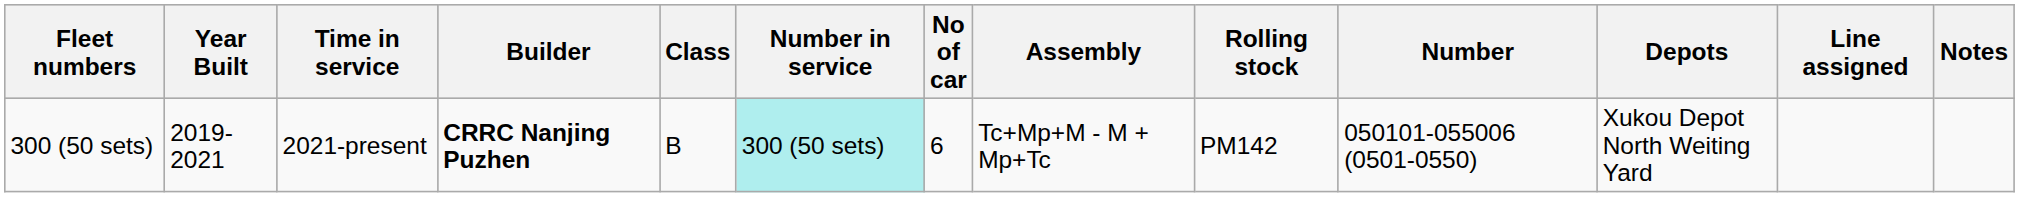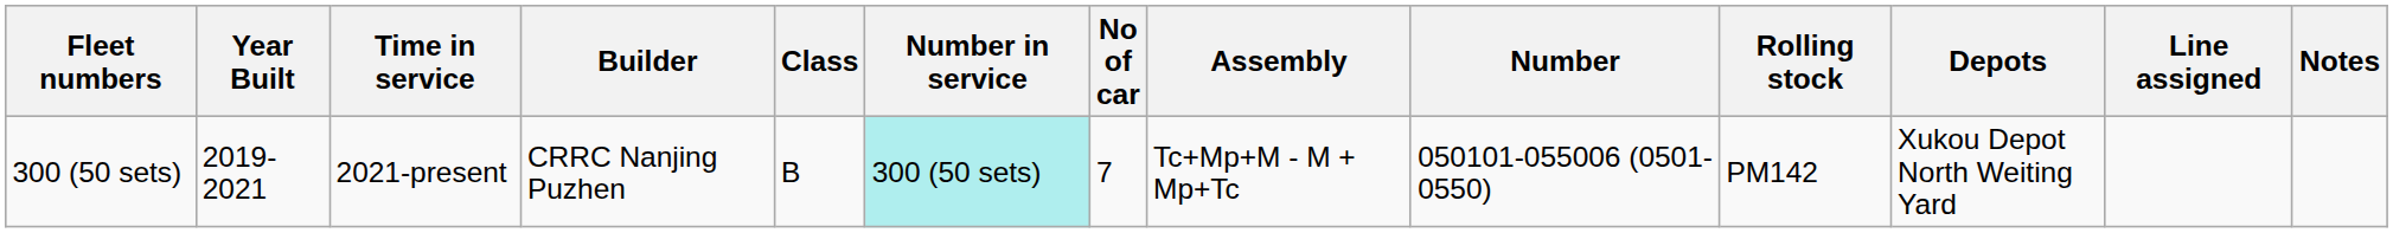 <table class="wikitable sortable" style="font-size: 95%;" |>
 <tr>
 <th>Fleet numbers</th>
 <th>Year Built</th>
 <th>Time in service</th>
 <th>Builder</th>
 <th>Class</th>
 <th>Number in service</th>
 <th>No <br>of<br> car</th>
 <th>Assembly</th>
+<th>Number</th>
 <th>Rolling stock</th>
-<th>Number</th>
 <th>Depots</th>
 <th>Line assigned</th>
 <th>Notes</th>
 </tr>
 <tr bo,>
 <td>300 (50 sets)</td>
 <td>2019-2021</td>
 <td>2021-present</td>
-<td><strong>CRRC Nanjing Puzhen</strong></td>
+<td>CRRC Nanjing Puzhen</td>
 <td>B</td>
 <td style="background: paleturquoise;">300 (50 sets)</td>
-<td>6</td>
+<td>7</td>
 <td>Tc+Mp+M - M + Mp+Tc</td>
+<td>050101-055006 (0501-0550)</td>
 <td>PM142</td>
-<td>050101-055006 (0501-0550)</td>
 <td>Xukou Depot<br>North Weiting Yard</td>
 <td></td>
 <td></td>
 </tr>
 </table>
